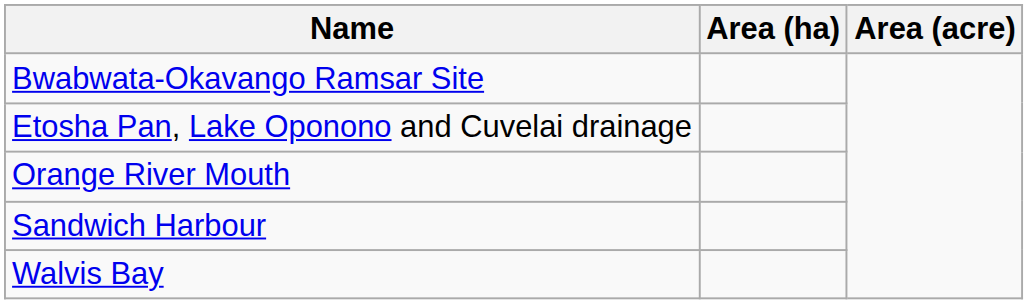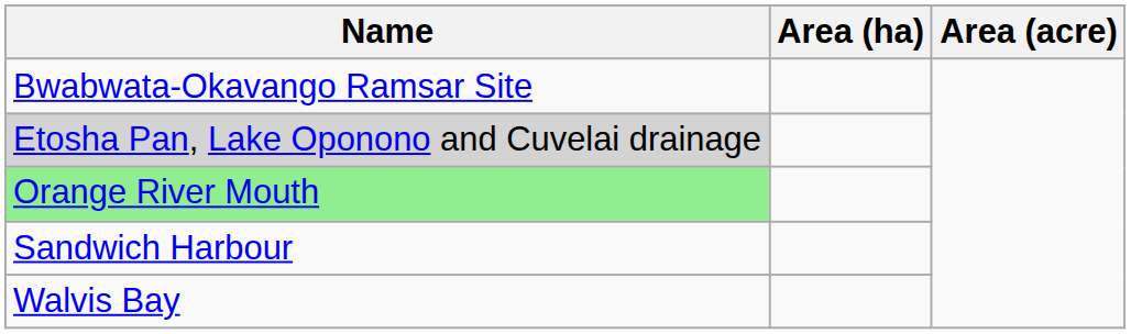 <table class="wikitable sortable">
 <tr>
 <th scope="col" align=left>Name</th>
 <th scope="col">Area (ha)</th>
 <th scope="col">Area (acre)</th>
 </tr>
 <tr ---->
 <td><a href='#'>Bwabwata-Okavango Ramsar Site</a></td>
 <td></td>
 </tr>
 <tr ---->
-<td><a href='#'>Etosha Pan</a>, <a href='#'>Lake Oponono</a> and Cuvelai drainage</td>
+<td style="background: lightgrey;"><a href='#'>Etosha Pan</a>, <a href='#'>Lake Oponono</a> and Cuvelai drainage</td>
 <td></td>
 </tr>
 <tr ---->
-<td><a href='#'>Orange River Mouth</a></td>
+<td style="background: lightgreen;"><a href='#'>Orange River Mouth</a></td>
 <td></td>
 </tr>
 <tr ---->
 <td><a href='#'>Sandwich Harbour</a></td>
 <td></td>
 </tr>
 <tr ---->
 <td><a href='#'>Walvis Bay</a></td>
 <td></td>
 </tr>
 </table>
